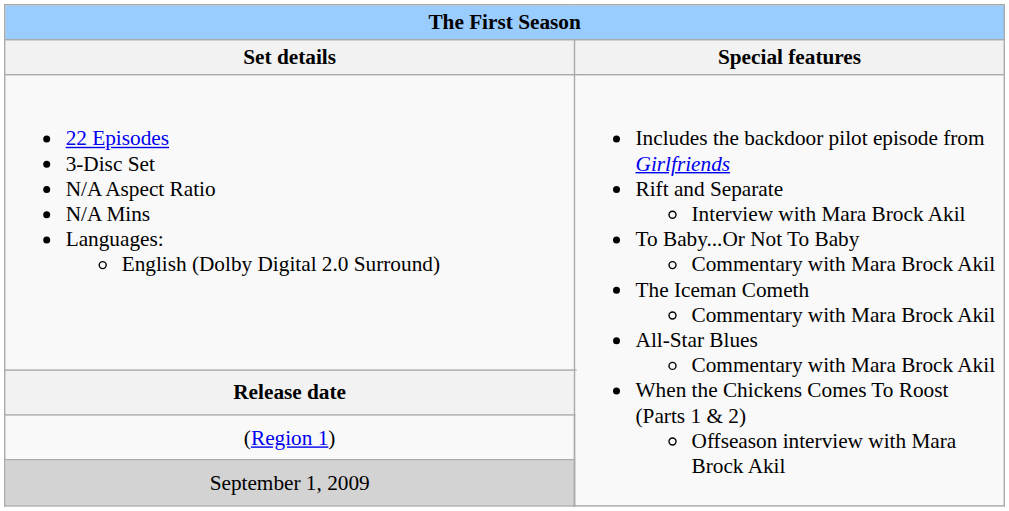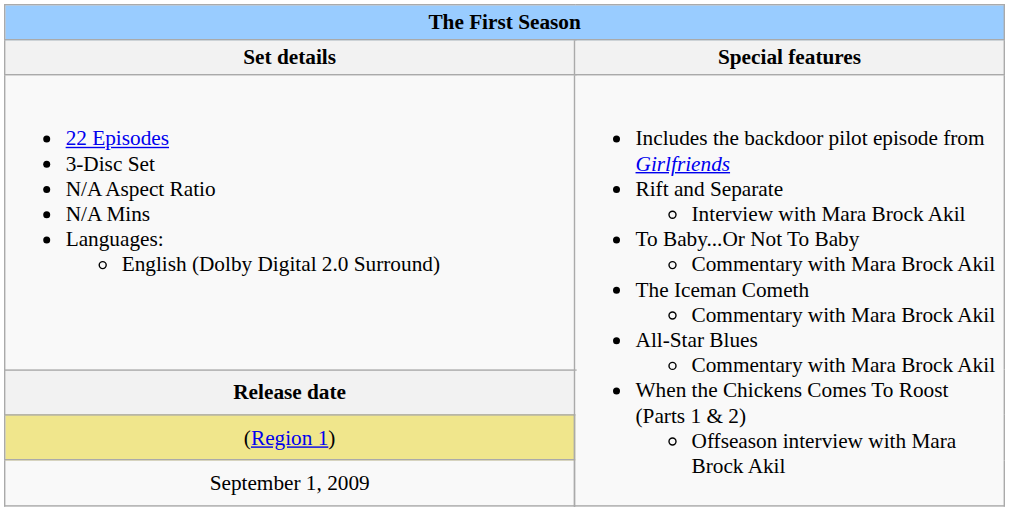 <table class="wikitable" style="font-size:95%">
 <tr>
 <th colspan=5 style="background-color:#99CCFF;">The First Season</th>
 </tr>
 <tr>
 <th align="center" width="400" colspan=3>Set details</th>
 <th width="300" align="center">Special features</th>
 </tr>
 <tr valign="top">
 <td colspan=3 align="left" width="400"><br><ul><li><a href='#'>22 Episodes</a></li><li>3-Disc Set</li><li>N/A Aspect Ratio</li><li>N/A Mins</li><li>Languages:<ul><li>English (Dolby Digital 2.0 Surround)</li></ul></li></ul></td>
 <td rowspan=4 align="left" width="300"><br><ul><li>Includes the backdoor pilot episode from <em><a href='#'>Girlfriends</a></em></li><li>Rift and Separate<ul><li>Interview with Mara Brock Akil</li></ul></li><li>To Baby...Or Not To Baby<ul><li>Commentary with Mara Brock Akil</li></ul></li><li>The Iceman Cometh<ul><li>Commentary with Mara Brock Akil</li></ul></li><li>All-Star Blues<ul><li>Commentary with Mara Brock Akil</li></ul></li><li>When the Chickens Comes To Roost (Parts 1 & 2)<ul><li>Offseason interview with Mara Brock Akil</li></ul></li></ul></td>
 </tr>
 <tr>
 <th colspan=3 align="center">Release date</th>
 </tr>
 <tr>
-<td align="center"> (<a href='#'>Region 1</a>)</td>
+<td align="center" style="background: khaki;"> (<a href='#'>Region 1</a>)</td>
 </tr>
 <tr>
-<td align="center" style="background: lightgrey;">September 1, 2009</td>
+<td align="center">September 1, 2009</td>
 </tr>
 </table>
